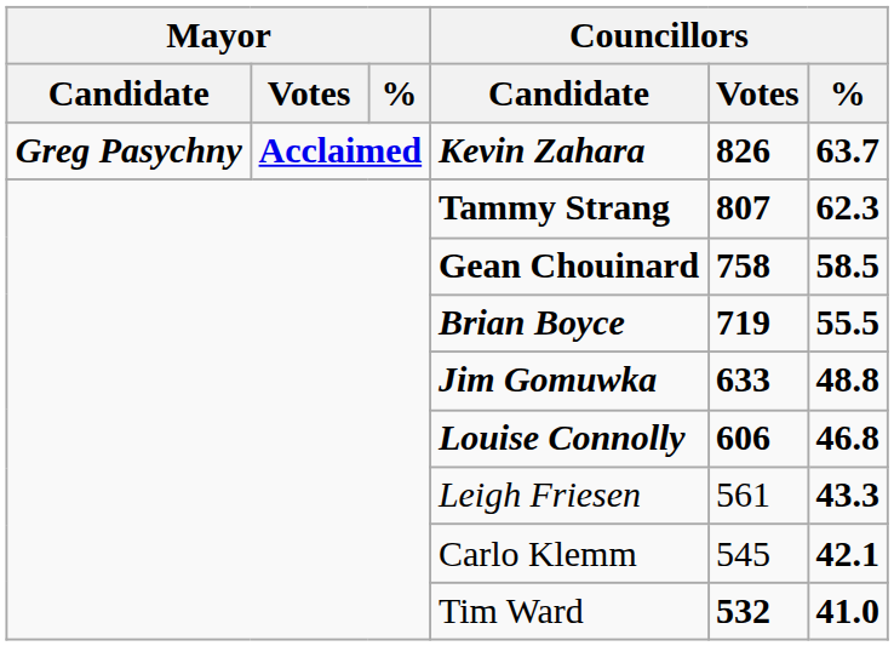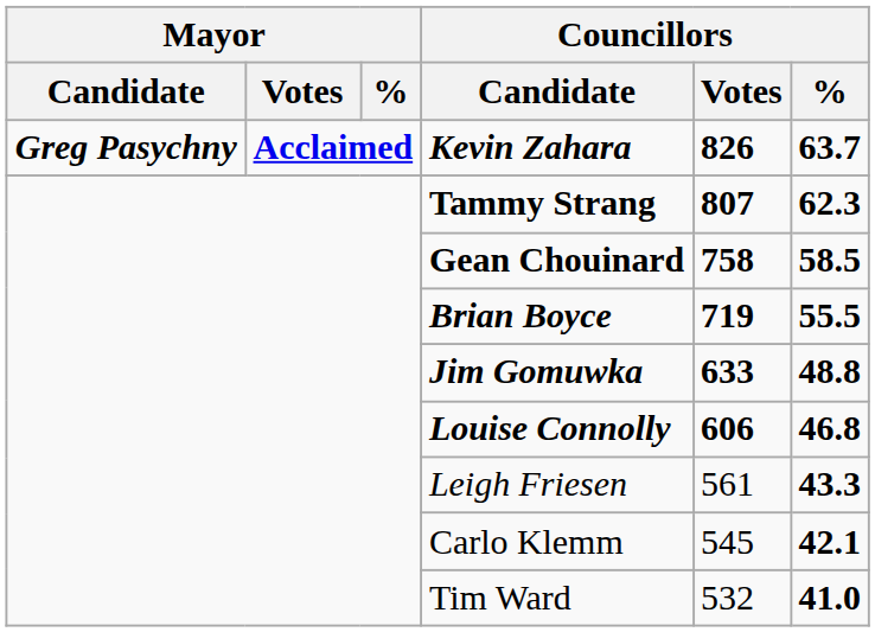 <table class="wikitable collapsible collapsed" align="right">
 <tr>
 <th colspan=3>Mayor</th>
 <th colspan=3>Councillors</th>
 </tr>
 <tr>
 <th>Candidate</th>
 <th>Votes</th>
 <th>%</th>
 <th>Candidate</th>
 <th>Votes</th>
 <th>%</th>
 </tr>
 <tr>
 <td><strong><em>Greg Pasychny</em></strong></td>
 <td colspan=2><strong><a href='#'>Acclaimed</a></strong></td>
 <td><strong><em>Kevin Zahara</em></strong></td>
 <td><strong>826</strong></td>
 <td><strong>63.7</strong></td>
 </tr>
 <tr>
 <td rowspan=8 colspan=3></td>
 <td><strong>Tammy Strang</strong></td>
 <td><strong>807</strong></td>
 <td><strong>62.3</strong></td>
 </tr>
 <tr>
 <td><strong>Gean Chouinard</strong></td>
 <td><strong>758</strong></td>
 <td><strong>58.5</strong></td>
 </tr>
 <tr>
 <td><strong><em>Brian Boyce</em></strong></td>
 <td><strong>719</strong></td>
 <td><strong>55.5</strong></td>
 </tr>
 <tr>
 <td><strong><em>Jim Gomuwka</em></strong></td>
 <td><strong>633</strong></td>
 <td><strong>48.8</strong></td>
 </tr>
 <tr>
 <td><strong><em>Louise Connolly</em></strong></td>
 <td><strong>606</strong></td>
 <td><strong>46.8</strong></td>
 </tr>
 <tr>
 <td><em>Leigh Friesen</em></td>
 <td>561</td>
 <td><strong>43.3</strong></td>
 </tr>
 <tr>
 <td>Carlo Klemm</td>
 <td>545</td>
 <td><strong>42.1</strong></td>
 </tr>
 <tr>
 <td>Tim Ward</td>
-<td><strong>532</strong></td>
+<td>532</td>
 <td><strong>41.0</strong></td>
 </tr>
 </table>
